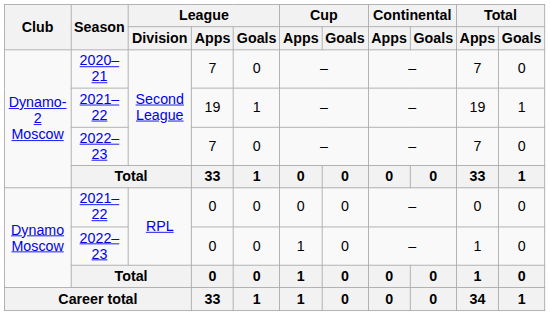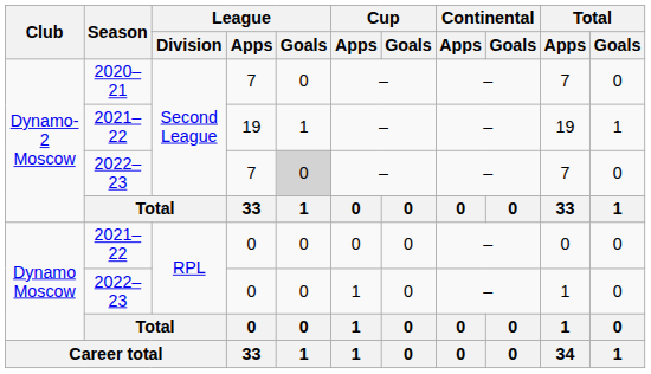 <table class="wikitable" style="text-align:center">
 <tr>
 <th rowspan="2">Club</th>
 <th rowspan="2">Season</th>
 <th colspan="3">League</th>
 <th colspan="2">Cup</th>
 <th colspan="2">Continental</th>
 <th colspan="2">Total</th>
 </tr>
 <tr>
 <th>Division</th>
 <th>Apps</th>
 <th>Goals</th>
 <th>Apps</th>
 <th>Goals</th>
 <th>Apps</th>
 <th>Goals</th>
 <th>Apps</th>
 <th>Goals</th>
 </tr>
 <tr>
 <td rowspan="4"><a href='#'>Dynamo-2 Moscow</a></td>
 <td><a href='#'>2020–21</a></td>
 <td rowspan="3"><a href='#'>Second League</a></td>
 <td>7</td>
 <td>0</td>
 <td colspan="2">–</td>
 <td colspan="2">–</td>
 <td>7</td>
 <td>0</td>
 </tr>
 <tr>
 <td><a href='#'>2021–22</a></td>
 <td>19</td>
 <td>1</td>
 <td colspan="2">–</td>
 <td colspan="2">–</td>
 <td>19</td>
 <td>1</td>
 </tr>
 <tr>
 <td><a href='#'>2022–23</a></td>
 <td>7</td>
-<td>0</td>
+<td style="background: lightgrey;">0</td>
 <td colspan="2">–</td>
 <td colspan="2">–</td>
 <td>7</td>
 <td>0</td>
 </tr>
 <tr>
 <th colspan="2">Total</th>
 <th>33</th>
 <th>1</th>
 <th>0</th>
 <th>0</th>
 <th>0</th>
 <th>0</th>
 <th>33</th>
 <th>1</th>
 </tr>
 <tr>
 <td rowspan="3"><a href='#'>Dynamo Moscow</a></td>
 <td><a href='#'>2021–22</a></td>
 <td rowspan="2"><a href='#'>RPL</a></td>
 <td>0</td>
 <td>0</td>
 <td>0</td>
 <td>0</td>
 <td colspan="2">–</td>
 <td>0</td>
 <td>0</td>
 </tr>
 <tr>
 <td><a href='#'>2022–23</a></td>
 <td>0</td>
 <td>0</td>
 <td>1</td>
 <td>0</td>
 <td colspan="2">–</td>
 <td>1</td>
 <td>0</td>
 </tr>
 <tr>
 <th colspan="2">Total</th>
 <th>0</th>
 <th>0</th>
 <th>1</th>
 <th>0</th>
 <th>0</th>
 <th>0</th>
 <th>1</th>
 <th>0</th>
 </tr>
 <tr>
 <th colspan="3">Career total</th>
 <th>33</th>
 <th>1</th>
 <th>1</th>
 <th>0</th>
 <th>0</th>
 <th>0</th>
 <th>34</th>
 <th>1</th>
 </tr>
 </table>
